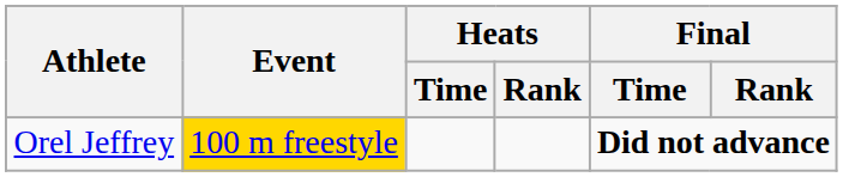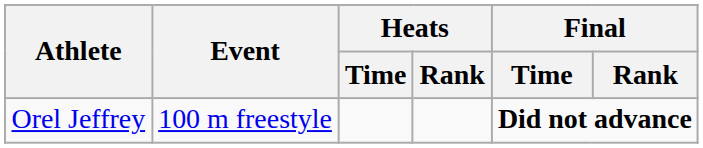 <table class=wikitable style="font-size:90%">
 <tr>
 <th rowspan="2">Athlete</th>
 <th rowspan="2">Event</th>
 <th colspan="2">Heats</th>
 <th colspan="2">Final</th>
 </tr>
 <tr>
 <th>Time</th>
 <th>Rank</th>
 <th>Time</th>
 <th>Rank</th>
 </tr>
 <tr>
 <td><a href='#'>Orel Jeffrey</a></td>
-<td style="background: gold;"><a href='#'>100 m freestyle</a></td>
+<td><a href='#'>100 m freestyle</a></td>
 <td></td>
 <td></td>
 <td colspan="2"><strong>Did not advance</strong></td>
 </tr>
 </table>
